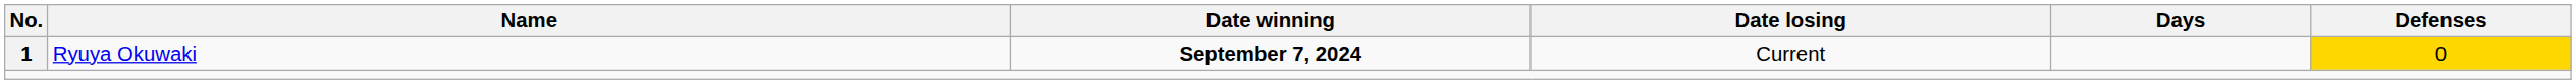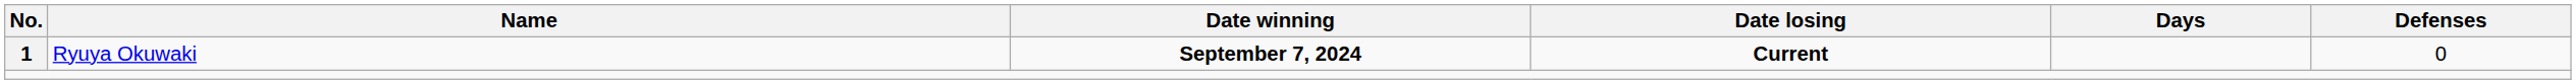 <table class="wikitable" width=100%>
 <tr>
 <th style="width:1%;">No.</th>
 <th style="width:37%;">Name</th>
 <th style="width:20%;">Date winning</th>
 <th style="width:20%;">Date losing</th>
 <th data-sort-type="number" style="width:10%;">Days</th>
 <th data-sort-type="number" style="width:10%;">Defenses</th>
 </tr>
 <tr align=center>
 <th>1</th>
 <td align=left> <a href='#'>Ryuya Okuwaki</a></td>
 <td><strong>September 7, 2024</strong></td>
-<td>Current</td>
+<td><strong>Current</strong></td>
 <td></td>
-<td style="background: gold;">0</td>
+<td>0</td>
 </tr>
 <tr>
 <td colspan="6"></td>
 </tr>
 </table>
